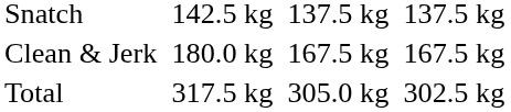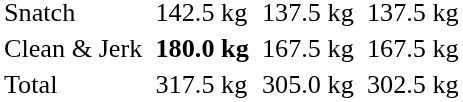 <table>
 <tr>
 <td>Snatch</td>
 <td></td>
 <td>142.5 kg</td>
 <td></td>
 <td>137.5 kg</td>
 <td></td>
 <td>137.5 kg</td>
 </tr>
 <tr>
 <td>Clean & Jerk</td>
 <td></td>
-<td>180.0 kg</td>
+<td><strong>180.0 kg</strong></td>
 <td></td>
 <td>167.5 kg</td>
 <td></td>
 <td>167.5 kg</td>
 </tr>
 <tr>
 <td>Total</td>
 <td></td>
 <td>317.5 kg</td>
 <td></td>
 <td>305.0 kg</td>
 <td></td>
 <td>302.5 kg</td>
 </tr>
 </table>
